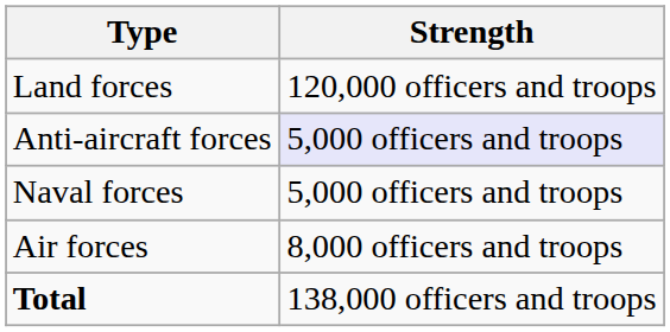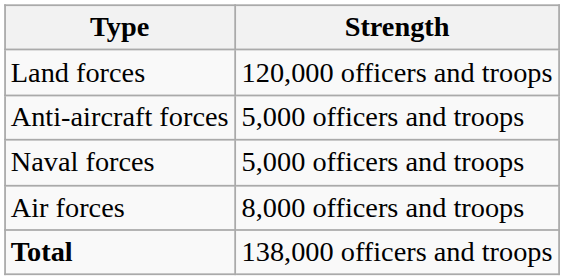 <table class="wikitable" align=right style="margin-left:10px;">
 <tr>
 <th>Type</th>
 <th>Strength</th>
 </tr>
 <tr>
 <td>Land forces</td>
 <td>120,000 officers and troops</td>
 </tr>
 <tr>
 <td>Anti-aircraft forces</td>
-<td style="background: lavender;">5,000 officers and troops</td>
+<td>5,000 officers and troops</td>
 </tr>
 <tr>
 <td>Naval forces</td>
 <td>5,000 officers and troops</td>
 </tr>
 <tr>
 <td>Air forces</td>
 <td>8,000 officers and troops</td>
 </tr>
 <tr>
 <td><strong>Total</strong></td>
 <td>138,000 officers and troops</td>
 </tr>
 </table>
